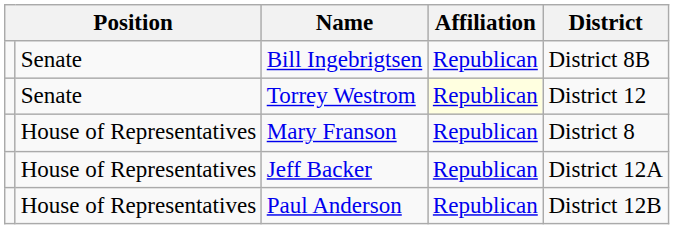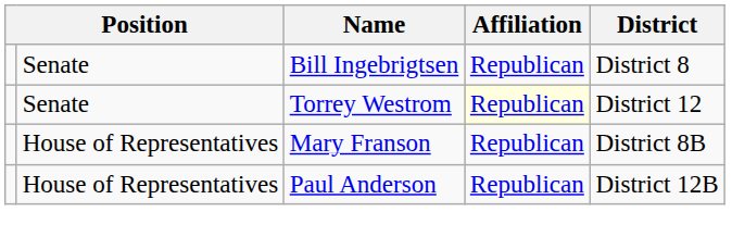 <table class="wikitable">
 <tr>
 <th colspan="2">Position</th>
 <th>Name</th>
 <th>Affiliation</th>
 <th>District</th>
 </tr>
 <tr>
 <td style="background-color:"></td>
 <td>Senate</td>
 <td><a href='#'>Bill Ingebrigtsen</a></td>
 <td><a href='#'>Republican</a></td>
-<td>District 8B</td>
+<td>District 8</td>
 </tr>
 <tr>
 <td style="background-color:"></td>
 <td>Senate</td>
 <td><a href='#'>Torrey Westrom</a></td>
 <td style="background: lightyellow;"><a href='#'>Republican</a></td>
 <td>District 12</td>
 </tr>
 <tr>
 <td style="background-color:"></td>
 <td>House of Representatives</td>
 <td><a href='#'>Mary Franson</a></td>
 <td><a href='#'>Republican</a></td>
-<td>District 8</td>
-</tr>
-<tr>
-<td style="background-color:"></td>
-<td>House of Representatives</td>
-<td><a href='#'>Jeff Backer</a></td>
-<td><a href='#'>Republican</a></td>
-<td>District 12A</td>
+<td>District 8B</td>
 </tr>
 <tr>
 <td style="background-color:"></td>
 <td>House of Representatives</td>
 <td><a href='#'>Paul Anderson</a></td>
 <td><a href='#'>Republican</a></td>
 <td>District 12B</td>
 </tr>
 </table>
